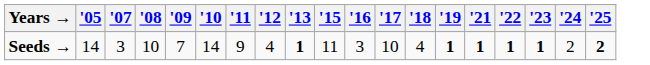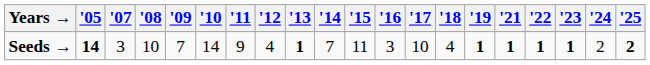 <table class="wikitable">
 <tr>
 <th>Years →</th>
 <th><a href='#'>'05</a></th>
 <th><a href='#'>'07</a></th>
 <th><a href='#'>'08</a></th>
 <th><a href='#'>'09</a></th>
 <th><a href='#'>'10</a></th>
 <th><a href='#'>'11</a></th>
 <th><a href='#'>'12</a></th>
 <th><a href='#'>'13</a></th>
+<th><a href='#'>'14</a></th>
 <th><a href='#'>'15</a></th>
 <th><a href='#'>'16</a></th>
 <th><a href='#'>'17</a></th>
 <th><a href='#'>'18</a></th>
 <th><a href='#'>'19</a></th>
 <th><a href='#'>'21</a></th>
 <th><a href='#'>'22</a></th>
 <th><a href='#'>'23</a></th>
 <th><a href='#'>'24</a></th>
 <th><a href='#'>'25</a></th>
 </tr>
 <tr align=center>
 <td style="text-align:left; "><strong>Seeds →</strong></td>
-<td>14</td>
+<td><strong>14</strong></td>
 <td>3</td>
 <td>10</td>
 <td>7</td>
 <td>14</td>
 <td>9</td>
 <td>4</td>
 <td><strong>1</strong></td>
+<td>7</td>
 <td>11</td>
 <td>3</td>
 <td>10</td>
 <td>4</td>
 <td><strong>1</strong></td>
 <td><strong>1</strong></td>
 <td><strong>1</strong></td>
 <td><strong>1</strong></td>
 <td>2</td>
 <td><strong>2</strong></td>
 </tr>
 </table>
